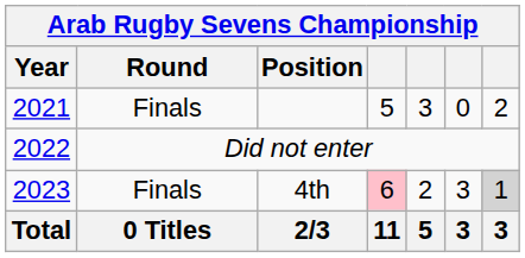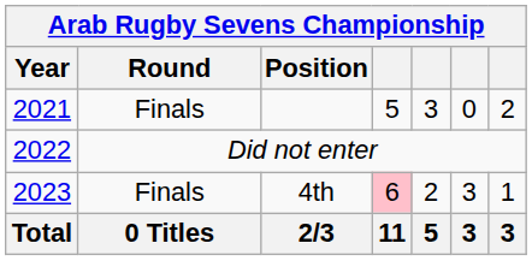 <table class="wikitable" style="text-align: center;">
 <tr>
 <th colspan=10><a href='#'>Arab Rugby Sevens Championship</a></th>
 </tr>
 <tr>
 <th>Year</th>
 <th style="width:6.5em;">Round</th>
 <th style="padding:2px;">Position</th>
 <th style="width:1em;"></th>
 <th style="width:1em;"></th>
 <th style="width:1em;"></th>
 <th style="width:1em;"></th>
 </tr>
 <tr>
 <td> <a href='#'>2021</a></td>
 <td>Finals</td>
 <td></td>
 <td>5</td>
 <td>3</td>
 <td>0</td>
 <td>2</td>
 </tr>
 <tr>
 <td> <a href='#'>2022</a></td>
 <td colspan=6><em>Did not enter</em></td>
 </tr>
 <tr>
 <td> <a href='#'>2023</a></td>
 <td>Finals</td>
 <td>4th</td>
 <td style="background: pink;">6</td>
 <td>2</td>
 <td>3</td>
-<td style="background: lightgrey;">1</td>
+<td>1</td>
 </tr>
 <tr>
 <th>Total</th>
 <th>0 Titles</th>
 <th>2/3</th>
 <th>11</th>
 <th>5</th>
 <th>3</th>
 <th>3</th>
 </tr>
 </table>
